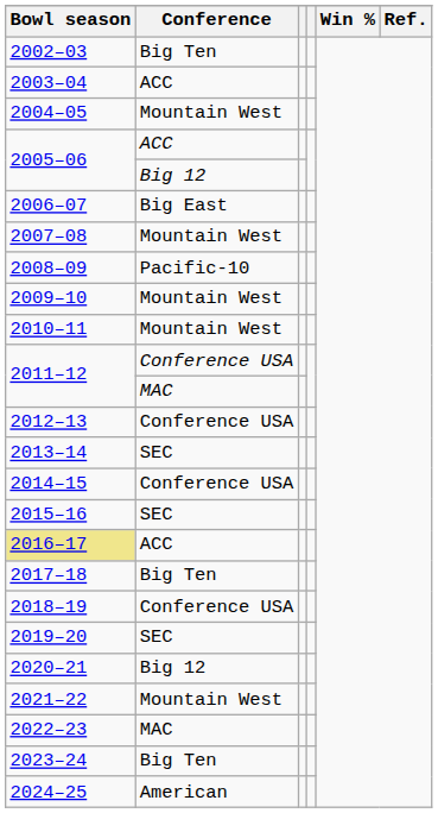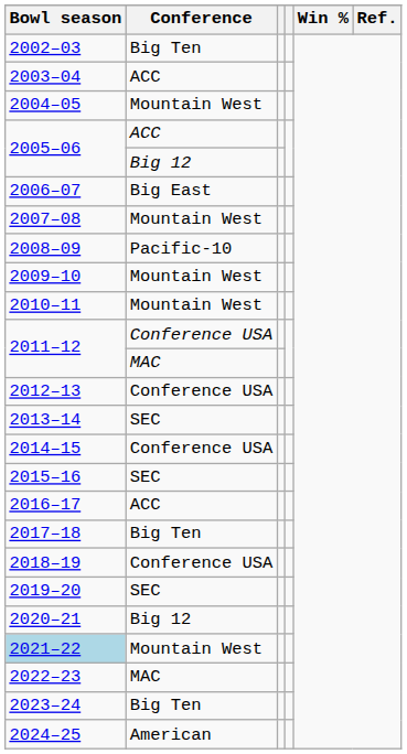 <table class="wikitable sortable" style="font-size:90%; margin-right:1em;">
 <tr>
 </tr>
 <tr>
 <th>Bowl season</th>
 <th>Conference</th>
 <th></th>
 <th></th>
 <th>Win %</th>
 <th class=unsortable>Ref.</th>
 </tr>
 <tr>
 <td><a href='#'>2002–03</a></td>
 <td>Big Ten</td>
 <td></td>
 <td></td>
 </tr>
 <tr>
 <td><a href='#'>2003–04</a></td>
 <td>ACC</td>
 <td></td>
 <td></td>
 </tr>
 <tr>
 <td><a href='#'>2004–05</a></td>
 <td>Mountain West</td>
 <td></td>
 <td></td>
 </tr>
 <tr>
 <td rowspan=2><a href='#'>2005–06</a></td>
 <td><em>ACC</em></td>
 <td></td>
 <td rowspan=2></td>
 </tr>
 <tr>
 <td><em>Big 12</em></td>
 <td></td>
 </tr>
 <tr>
 <td><a href='#'>2006–07</a></td>
 <td>Big East</td>
 <td></td>
 <td></td>
 </tr>
 <tr>
 <td><a href='#'>2007–08</a></td>
 <td>Mountain West</td>
 <td></td>
 <td></td>
 </tr>
 <tr>
 <td><a href='#'>2008–09</a></td>
 <td>Pacific-10</td>
 <td></td>
 <td></td>
 </tr>
 <tr>
 <td><a href='#'>2009–10</a></td>
 <td>Mountain West</td>
 <td></td>
 <td></td>
 </tr>
 <tr>
 <td><a href='#'>2010–11</a></td>
 <td>Mountain West</td>
 <td></td>
 <td></td>
 </tr>
 <tr>
 <td rowspan=2><a href='#'>2011–12</a></td>
 <td><em>Conference USA</em></td>
 <td></td>
 <td rowspan=2></td>
 </tr>
 <tr>
 <td><em>MAC</em></td>
 <td></td>
 </tr>
 <tr>
 <td><a href='#'>2012–13</a></td>
 <td>Conference USA</td>
 <td></td>
 <td></td>
 </tr>
 <tr>
 <td><a href='#'>2013–14</a></td>
 <td>SEC</td>
 <td></td>
 <td></td>
 </tr>
 <tr>
 <td><a href='#'>2014–15</a></td>
 <td>Conference USA</td>
 <td></td>
 <td></td>
 </tr>
 <tr>
 <td><a href='#'>2015–16</a></td>
 <td>SEC</td>
 <td></td>
 <td></td>
 </tr>
 <tr>
-<td style="background: khaki;"><a href='#'>2016–17</a></td>
+<td><a href='#'>2016–17</a></td>
 <td>ACC</td>
 <td></td>
 <td></td>
 </tr>
 <tr>
 <td><a href='#'>2017–18</a></td>
 <td>Big Ten</td>
 <td></td>
 <td></td>
 </tr>
 <tr>
 <td><a href='#'>2018–19</a></td>
 <td>Conference USA</td>
 <td></td>
 <td></td>
 </tr>
 <tr>
 <td><a href='#'>2019–20</a></td>
 <td>SEC</td>
 <td></td>
 <td></td>
 </tr>
 <tr>
 <td><a href='#'>2020–21</a></td>
 <td>Big 12</td>
 <td></td>
 <td></td>
 </tr>
 <tr>
-<td><a href='#'>2021–22</a></td>
+<td style="background: lightblue;"><a href='#'>2021–22</a></td>
 <td>Mountain West</td>
 <td></td>
 <td></td>
 </tr>
 <tr>
 <td><a href='#'>2022–23</a></td>
 <td>MAC</td>
 <td></td>
 <td></td>
 </tr>
 <tr>
 <td><a href='#'>2023–24</a></td>
 <td>Big Ten</td>
 <td></td>
 <td></td>
 </tr>
 <tr>
 <td><a href='#'>2024–25</a></td>
 <td>American</td>
 <td></td>
 <td></td>
 </tr>
 </table>
